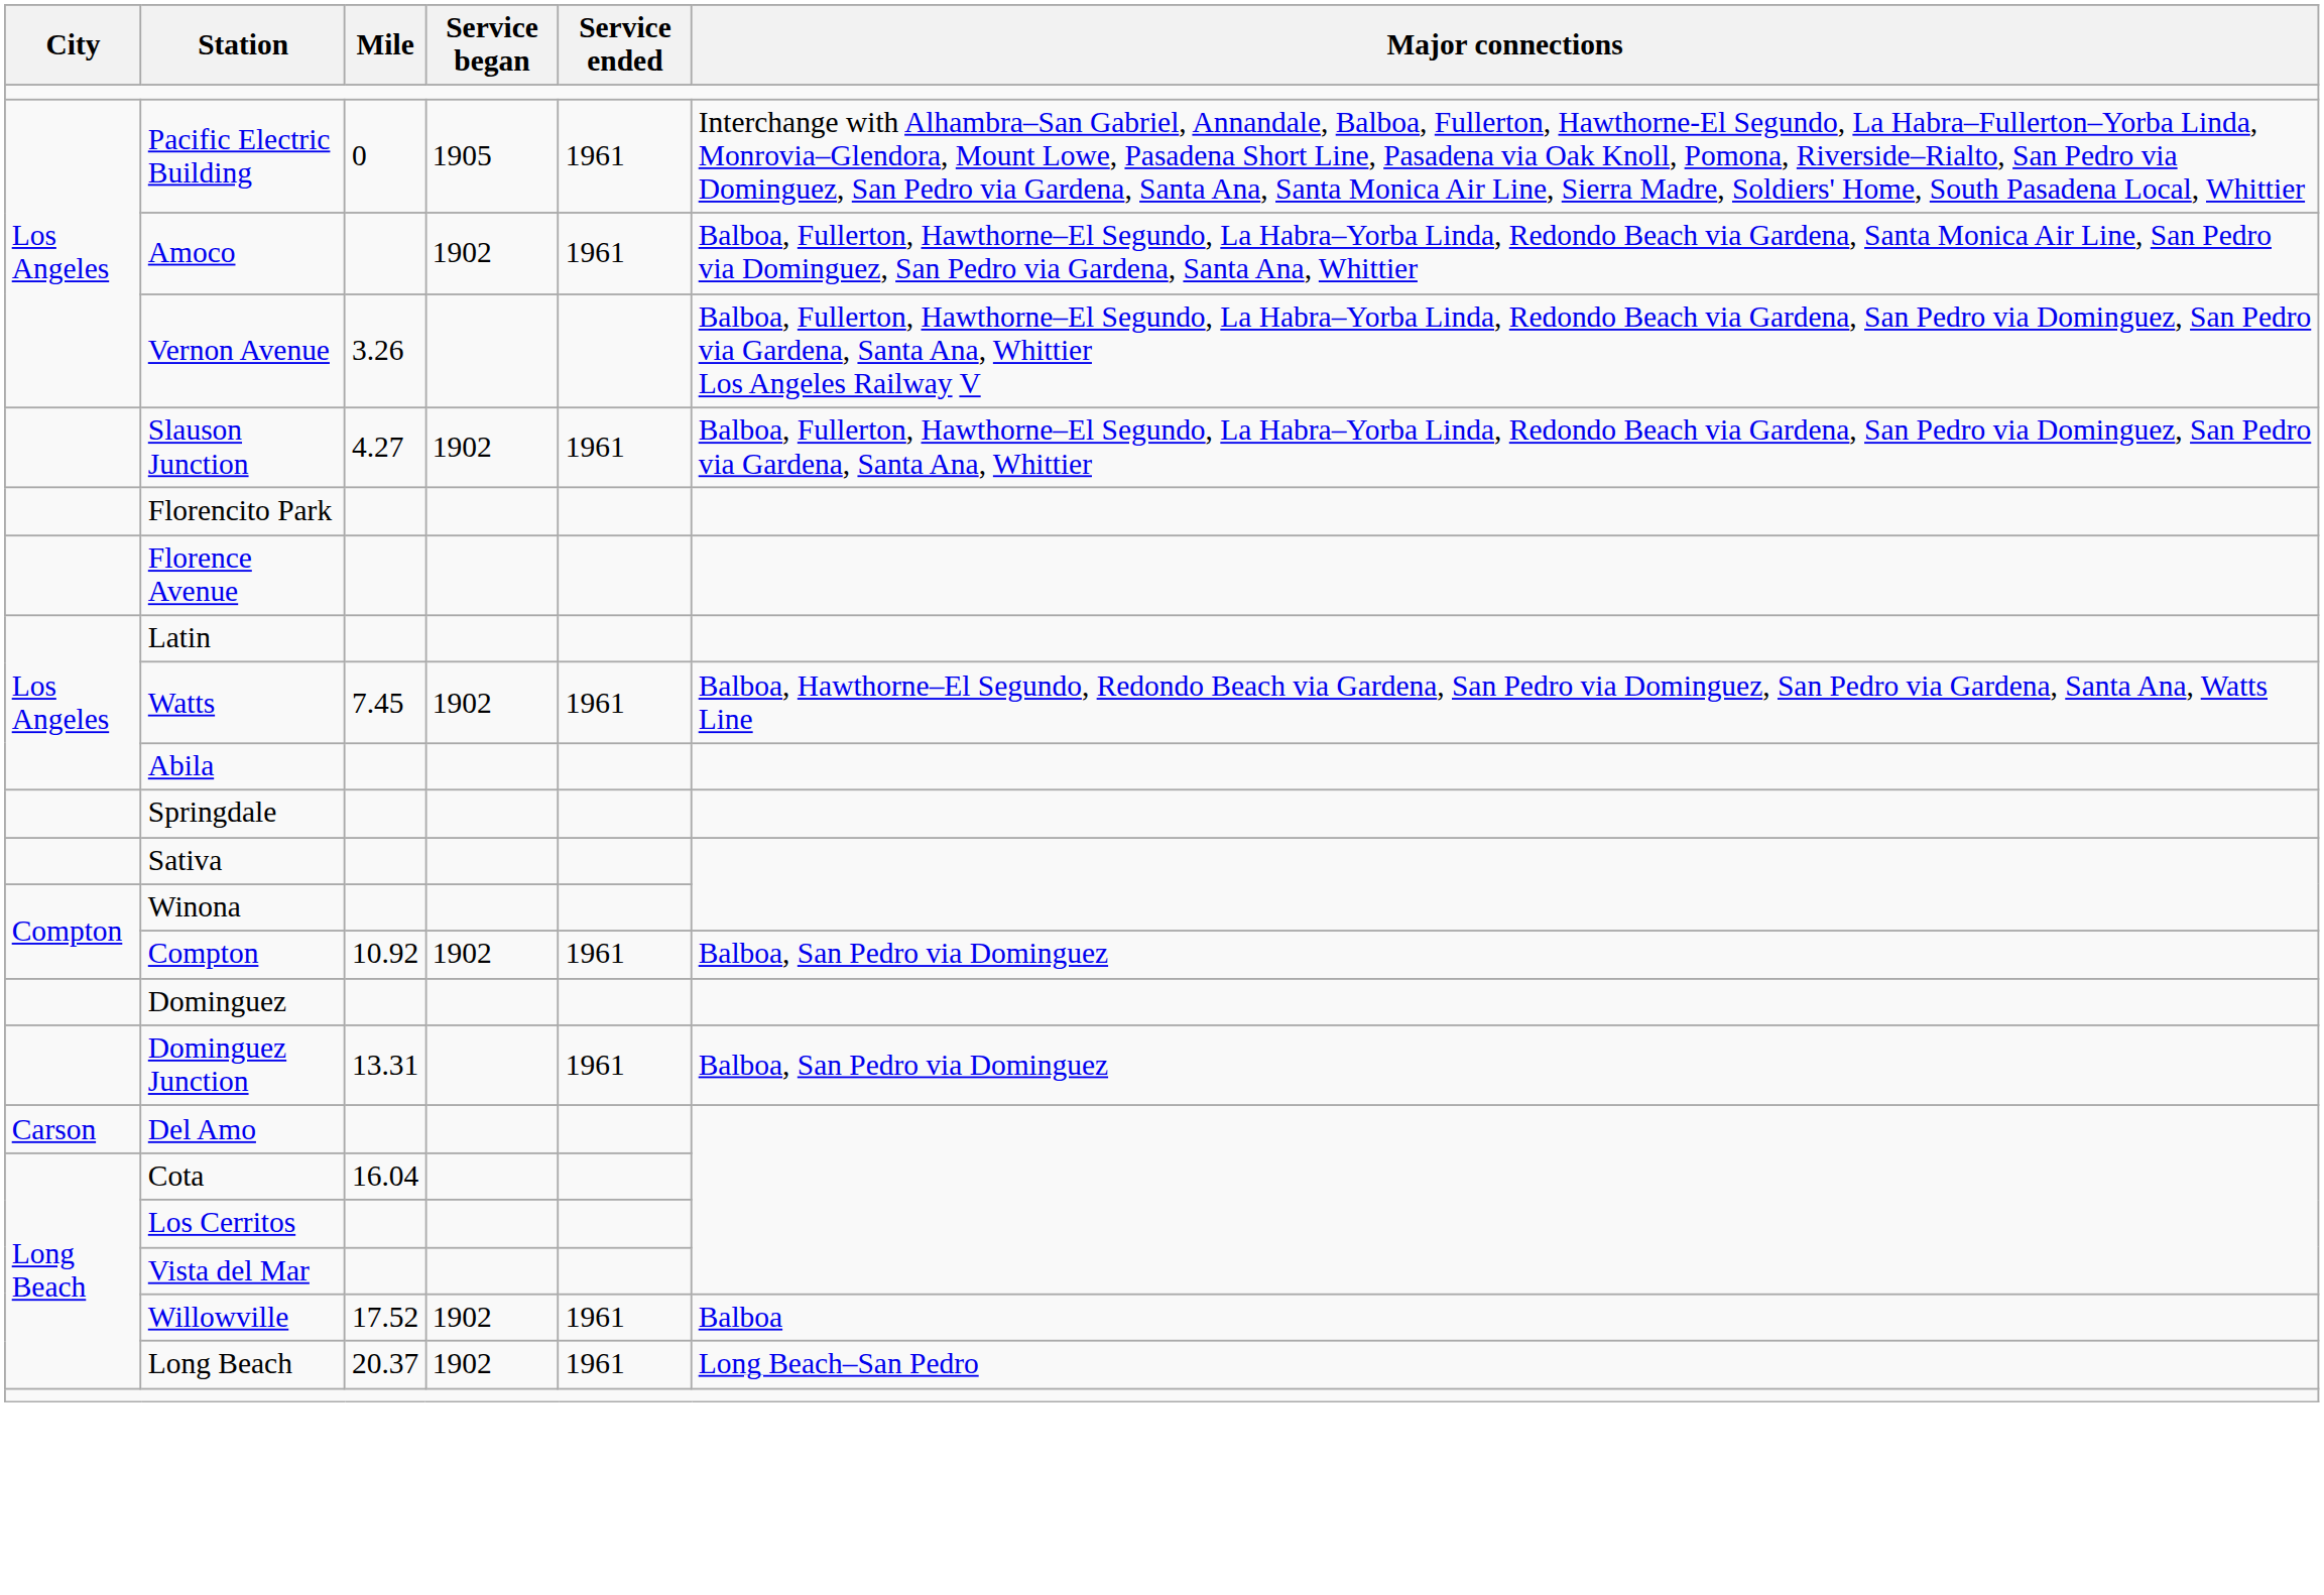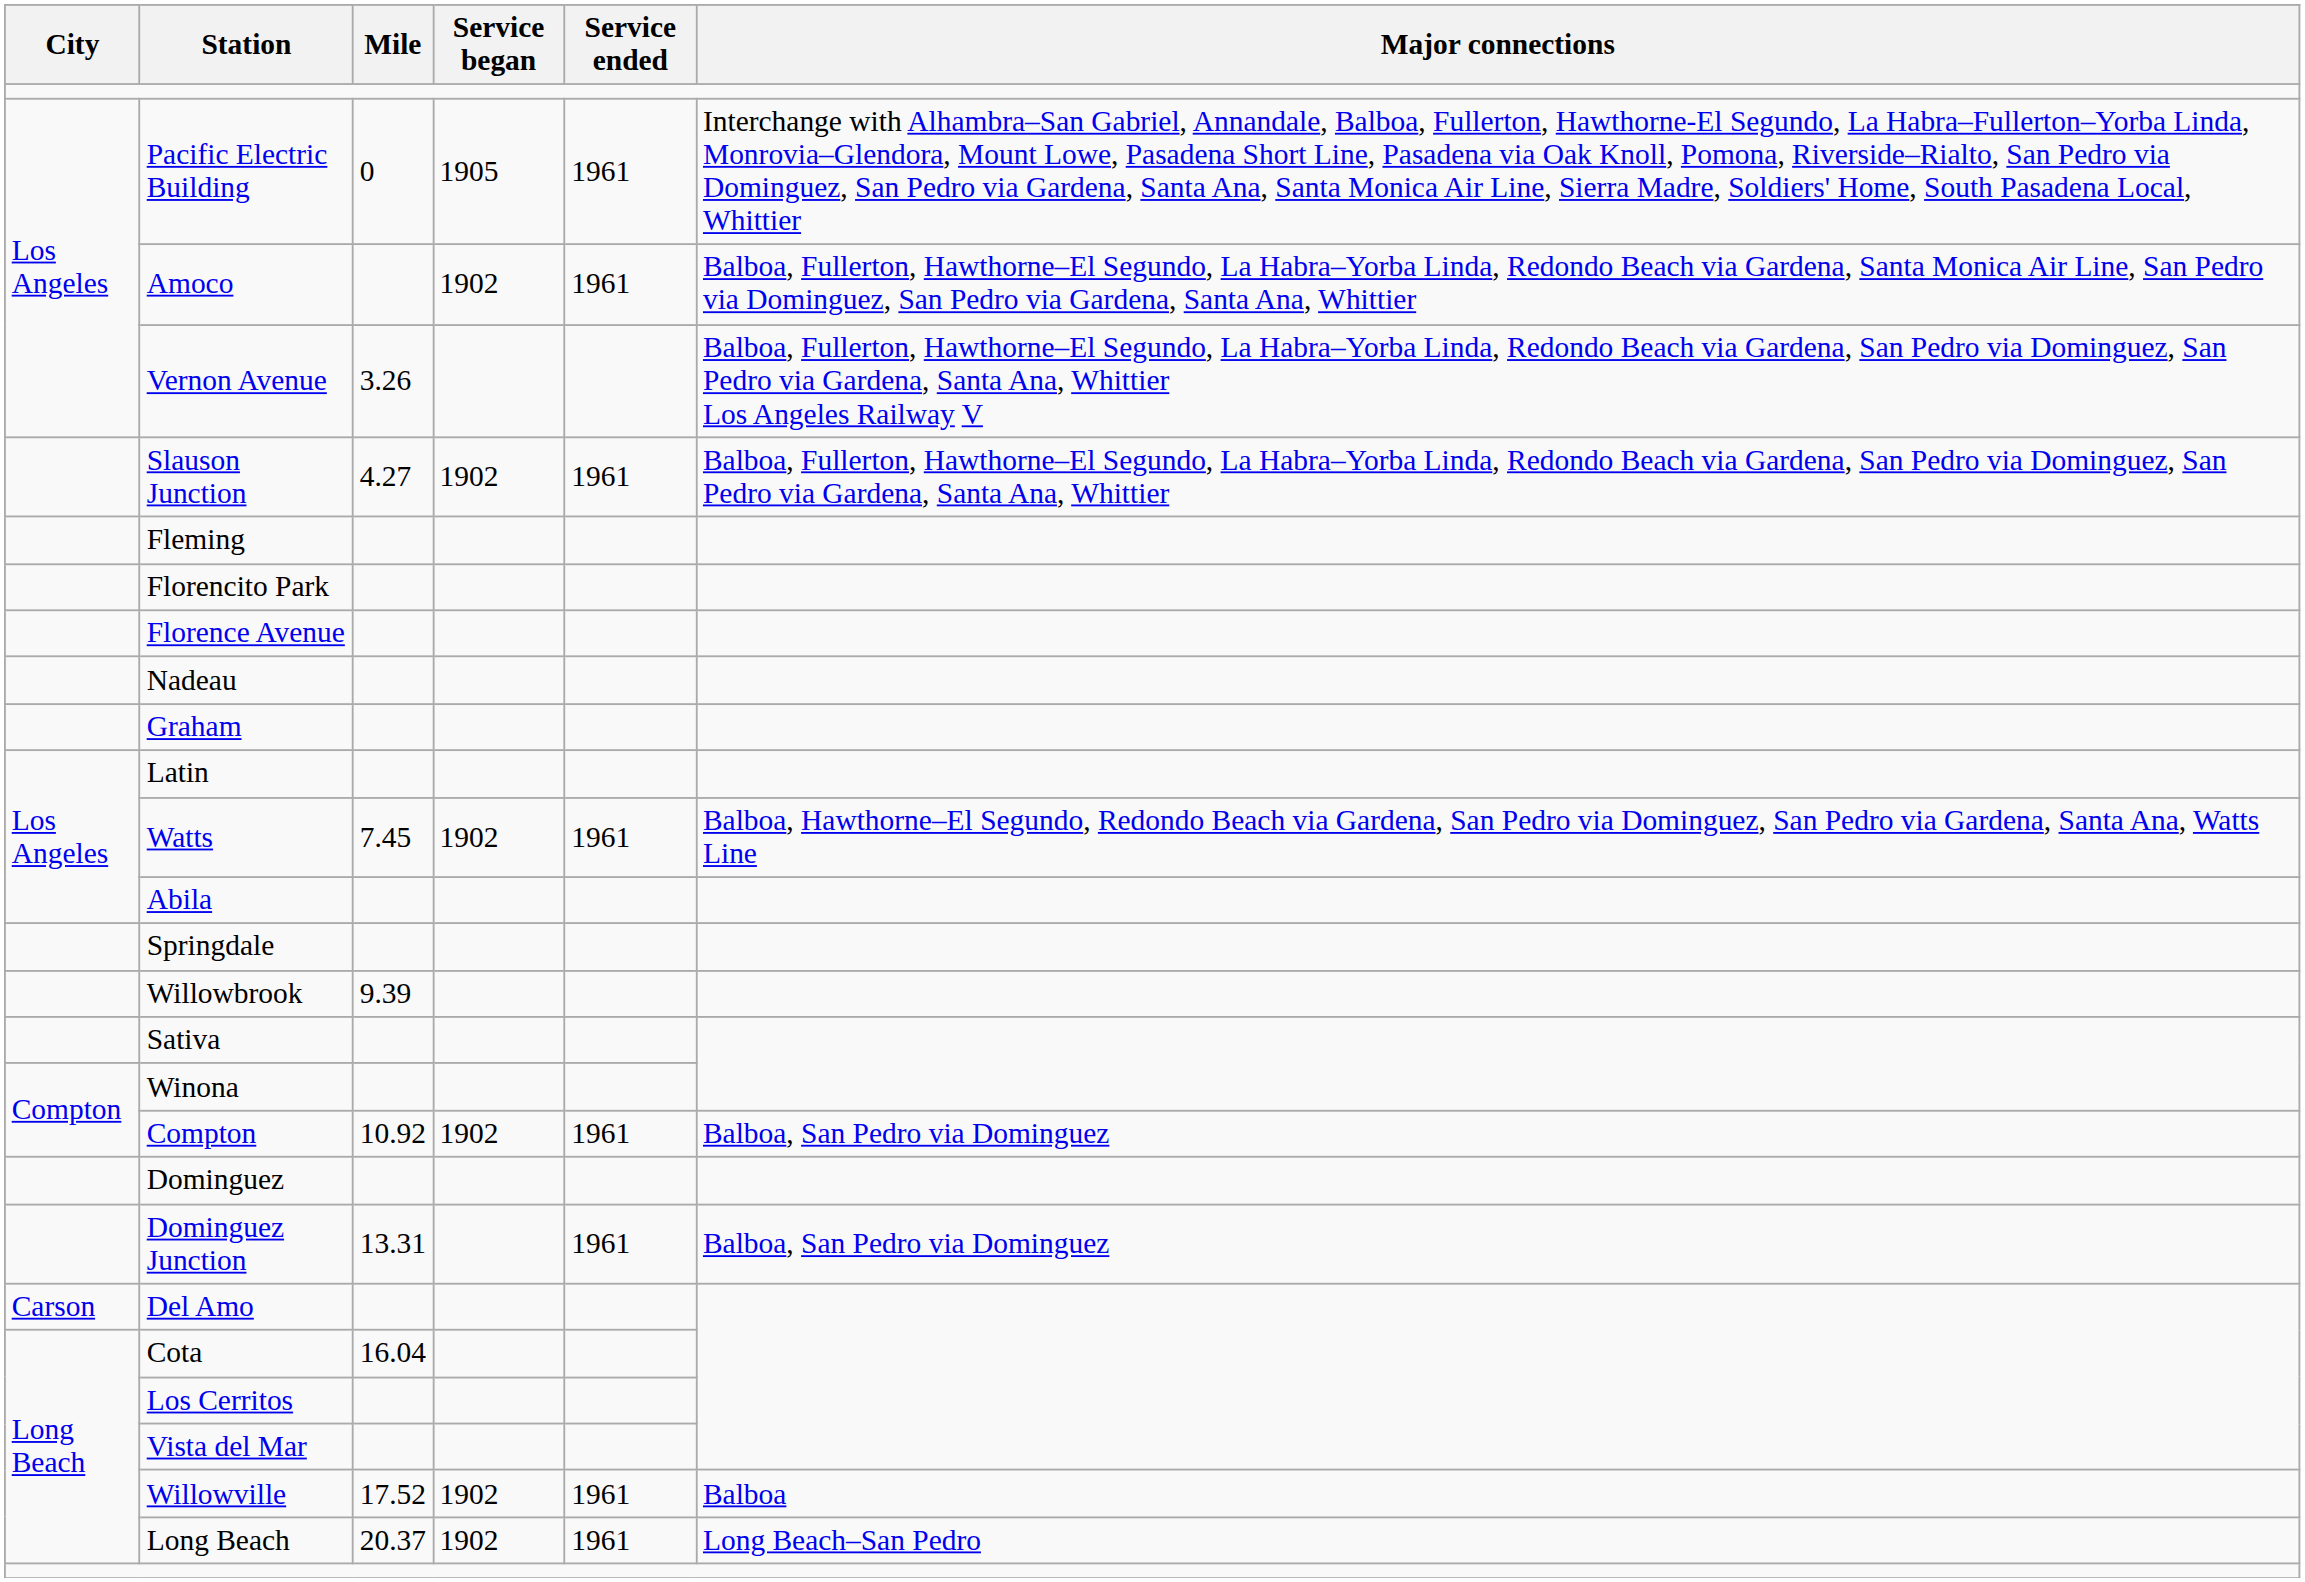 <table class="wikitable">
 <tr>
 <th>City</th>
 <th>Station</th>
 <th>Mile</th>
 <th>Service began</th>
 <th>Service ended</th>
 <th>Major connections</th>
 </tr>
 <tr>
 <td colspan = "6"></td>
 </tr>
 <tr>
 <td rowspan=3><a href='#'>Los Angeles</a></td>
 <td><a href='#'>Pacific Electric Building</a></td>
 <td>0</td>
 <td>1905</td>
 <td>1961</td>
 <td>Interchange with <a href='#'>Alhambra–San Gabriel</a>, <a href='#'>Annandale</a>, <a href='#'>Balboa</a>, <a href='#'>Fullerton</a>, <a href='#'>Hawthorne-El Segundo</a>, <a href='#'>La Habra–Fullerton–Yorba Linda</a>, <a href='#'>Monrovia–Glendora</a>, <a href='#'>Mount Lowe</a>, <a href='#'>Pasadena Short Line</a>, <a href='#'>Pasadena via Oak Knoll</a>, <a href='#'>Pomona</a>, <a href='#'>Riverside–Rialto</a>, <a href='#'>San Pedro via Dominguez</a>, <a href='#'>San Pedro via Gardena</a>, <a href='#'>Santa Ana</a>, <a href='#'>Santa Monica Air Line</a>, <a href='#'>Sierra Madre</a>, <a href='#'>Soldiers' Home</a>, <a href='#'>South Pasadena Local</a>, <a href='#'>Whittier</a></td>
 </tr>
 <tr>
 <td><a href='#'>Amoco</a></td>
 <td></td>
 <td>1902</td>
 <td>1961</td>
 <td rowspan=1><a href='#'>Balboa</a>, <a href='#'>Fullerton</a>, <a href='#'>Hawthorne–El Segundo</a>, <a href='#'>La Habra–Yorba Linda</a>, <a href='#'>Redondo Beach via Gardena</a>, <a href='#'>Santa Monica Air Line</a>, <a href='#'>San Pedro via Dominguez</a>, <a href='#'>San Pedro via Gardena</a>, <a href='#'>Santa Ana</a>, <a href='#'>Whittier</a></td>
 </tr>
 <tr>
 <td><a href='#'>Vernon Avenue</a></td>
 <td>3.26</td>
 <td></td>
 <td></td>
 <td rowspan=1><a href='#'>Balboa</a>, <a href='#'>Fullerton</a>, <a href='#'>Hawthorne–El Segundo</a>, <a href='#'>La Habra–Yorba Linda</a>, <a href='#'>Redondo Beach via Gardena</a>, <a href='#'>San Pedro via Dominguez</a>, <a href='#'>San Pedro via Gardena</a>, <a href='#'>Santa Ana</a>, <a href='#'>Whittier</a><br><a href='#'>Los Angeles Railway</a> <a href='#'>V</a></td>
 </tr>
 <tr>
 <td></td>
 <td><a href='#'>Slauson Junction</a></td>
 <td>4.27</td>
 <td>1902</td>
 <td>1961</td>
 <td><a href='#'>Balboa</a>, <a href='#'>Fullerton</a>, <a href='#'>Hawthorne–El Segundo</a>, <a href='#'>La Habra–Yorba Linda</a>, <a href='#'>Redondo Beach via Gardena</a>, <a href='#'>San Pedro via Dominguez</a>, <a href='#'>San Pedro via Gardena</a>, <a href='#'>Santa Ana</a>, <a href='#'>Whittier</a></td>
 </tr>
 <tr>
 <td></td>
+<td>Fleming</td>
+<td></td>
+<td></td>
+<td></td>
+<td></td>
+</tr>
+<tr>
+<td></td>
 <td>Florencito Park</td>
 <td></td>
 <td></td>
 <td></td>
 <td></td>
 </tr>
 <tr>
 <td></td>
 <td><a href='#'>Florence Avenue</a></td>
+<td></td>
+<td></td>
+<td></td>
+<td></td>
+</tr>
+<tr>
+<td></td>
+<td>Nadeau</td>
+<td></td>
+<td></td>
+<td></td>
+<td></td>
+</tr>
+<tr>
+<td></td>
+<td><a href='#'>Graham</a></td>
 <td></td>
 <td></td>
 <td></td>
 <td></td>
 </tr>
 <tr>
 <td rowspan=3><a href='#'>Los Angeles</a></td>
 <td>Latin</td>
 <td></td>
 <td></td>
 <td></td>
 <td></td>
 </tr>
 <tr>
 <td><a href='#'>Watts</a></td>
 <td>7.45</td>
 <td>1902</td>
 <td>1961</td>
 <td><a href='#'>Balboa</a>, <a href='#'>Hawthorne–El Segundo</a>, <a href='#'>Redondo Beach via Gardena</a>, <a href='#'>San Pedro via Dominguez</a>, <a href='#'>San Pedro via Gardena</a>, <a href='#'>Santa Ana</a>, <a href='#'>Watts Line</a></td>
 </tr>
 <tr>
 <td><a href='#'>Abila</a></td>
 <td></td>
 <td></td>
 <td></td>
 <td></td>
 </tr>
 <tr>
 <td></td>
 <td>Springdale</td>
 <td></td>
+<td></td>
+<td></td>
+<td></td>
+</tr>
+<tr>
+<td></td>
+<td>Willowbrook</td>
+<td>9.39</td>
 <td></td>
 <td></td>
 <td></td>
 </tr>
 <tr>
 <td></td>
 <td>Sativa</td>
 <td></td>
 <td></td>
 <td></td>
 </tr>
 <tr>
 <td rowspan=2><a href='#'>Compton</a></td>
 <td>Winona</td>
 <td></td>
 <td></td>
 <td></td>
 </tr>
 <tr>
 <td><a href='#'>Compton</a></td>
 <td>10.92</td>
 <td>1902</td>
 <td>1961</td>
 <td><a href='#'>Balboa</a>, <a href='#'>San Pedro via Dominguez</a></td>
 </tr>
 <tr>
 <td></td>
 <td>Dominguez</td>
 <td></td>
 <td></td>
 <td></td>
 </tr>
 <tr>
 <td></td>
 <td><a href='#'>Dominguez Junction</a></td>
 <td>13.31</td>
 <td></td>
 <td>1961</td>
 <td><a href='#'>Balboa</a>, <a href='#'>San Pedro via Dominguez</a></td>
 </tr>
 <tr>
 <td><a href='#'>Carson</a></td>
 <td><a href='#'>Del Amo</a></td>
 <td></td>
 <td></td>
 <td></td>
 </tr>
 <tr>
 <td rowspan=5><a href='#'>Long Beach</a></td>
 <td>Cota</td>
 <td>16.04</td>
 <td></td>
 <td></td>
 </tr>
 <tr>
 <td><a href='#'>Los Cerritos</a></td>
 <td></td>
 <td></td>
 <td></td>
 </tr>
 <tr>
 <td><a href='#'>Vista del Mar</a></td>
 <td></td>
 <td></td>
 <td></td>
 </tr>
 <tr>
 <td><a href='#'>Willowville</a></td>
 <td>17.52</td>
 <td>1902</td>
 <td>1961</td>
 <td><a href='#'>Balboa</a></td>
 </tr>
 <tr>
 <td>Long Beach</td>
 <td>20.37</td>
 <td>1902</td>
 <td>1961</td>
 <td><a href='#'>Long Beach–San Pedro</a></td>
 </tr>
 <tr>
 <td colspan = "6"></td>
 </tr>
 </table>
